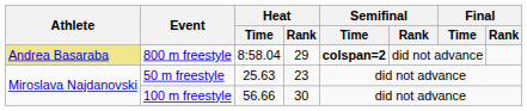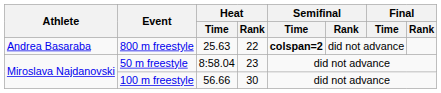 <table class=wikitable style="font-size:90%">
 <tr>
 <th rowspan="2">Athlete</th>
 <th rowspan="2">Event</th>
 <th colspan="2">Heat</th>
 <th colspan="2">Semifinal</th>
 <th colspan="2">Final</th>
 </tr>
 <tr style="font-size:95%">
 <th>Time</th>
 <th>Rank</th>
 <th>Time</th>
 <th>Rank</th>
 <th>Time</th>
 <th>Rank</th>
 </tr>
 <tr align=center>
-<td align=left style="background: khaki;"><a href='#'>Andrea Basaraba</a></td>
+<td align=left><a href='#'>Andrea Basaraba</a></td>
 <td align=left><a href='#'>800 m freestyle</a></td>
-<td>8:58.04</td>
-<td>29</td>
+<td>25.63</td>
+<td>22</td>
 <td><strong>colspan=2 </strong></td>
 <td colspan=2>did not advance</td>
 </tr>
 <tr align=center>
 <td align=left rowspan=2><a href='#'>Miroslava Najdanovski</a></td>
 <td align=left><a href='#'>50 m freestyle</a></td>
-<td>25.63</td>
+<td>8:58.04</td>
 <td>23</td>
 <td colspan=4>did not advance</td>
 </tr>
 <tr align=center>
 <td align=left><a href='#'>100 m freestyle</a></td>
 <td>56.66</td>
 <td>30</td>
 <td colspan=4>did not advance</td>
 </tr>
 </table>
